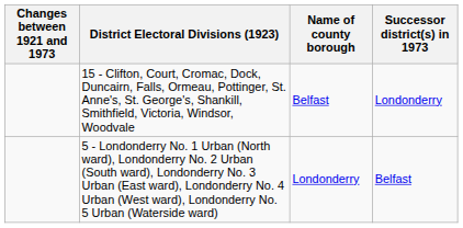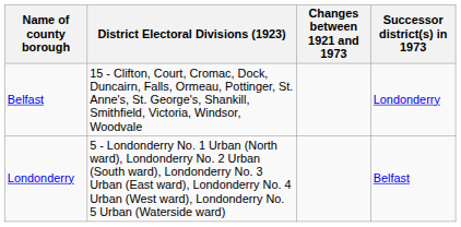 <table class="wikitable">
 <tr>
+<th>Name of county borough</th>
+<th>District Electoral Divisions (1923)</th>
 <th>Changes between 1921 and 1973</th>
-<th>District Electoral Divisions (1923)</th>
-<th>Name of county borough</th>
 <th>Successor district(s) in 1973</th>
 </tr>
 <tr>
+<td><a href='#'>Belfast</a></td>
+<td>15 - Clifton, Court, Cromac, Dock, Duncairn, Falls, Ormeau, Pottinger, St. Anne's, St. George's, Shankill, Smithfield, Victoria, Windsor, Woodvale</td>
 <td></td>
-<td>15 - Clifton, Court, Cromac, Dock, Duncairn, Falls, Ormeau, Pottinger, St. Anne's, St. George's, Shankill, Smithfield, Victoria, Windsor, Woodvale</td>
-<td><a href='#'>Belfast</a></td>
 <td><a href='#'>Londonderry</a></td>
 </tr>
 <tr>
+<td><a href='#'>Londonderry</a></td>
+<td>5 - Londonderry No. 1 Urban (North ward), Londonderry No. 2 Urban (South ward), Londonderry No. 3 Urban (East ward), Londonderry No. 4 Urban (West ward), Londonderry No. 5 Urban (Waterside ward)</td>
 <td></td>
-<td>5 - Londonderry No. 1 Urban (North ward), Londonderry No. 2 Urban (South ward), Londonderry No. 3 Urban (East ward), Londonderry No. 4 Urban (West ward), Londonderry No. 5 Urban (Waterside ward)</td>
-<td><a href='#'>Londonderry</a></td>
 <td><a href='#'>Belfast</a></td>
 </tr>
 </table>
